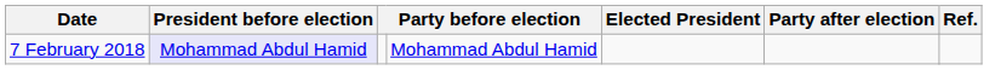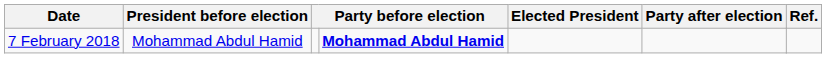 <table class="wikitable sortable" style="text-align:center;">
 <tr>
 <th>Date</th>
 <th>President before election</th>
 <th colspan="2">Party before election</th>
 <th>Elected President</th>
 <th colspan="2">Party after election</th>
 <th>Ref.</th>
 </tr>
 <tr>
 <td><a href='#'>7 February 2018</a></td>
-<td style="background: lavender;"><a href='#'>Mohammad Abdul Hamid</a></td>
+<td><a href='#'>Mohammad Abdul Hamid</a></td>
 <td></td>
-<td><a href='#'>Mohammad Abdul Hamid</a></td>
+<td><strong><a href='#'>Mohammad Abdul Hamid</a></strong></td>
 <td></td>
 <td></td>
 </tr>
 </table>
